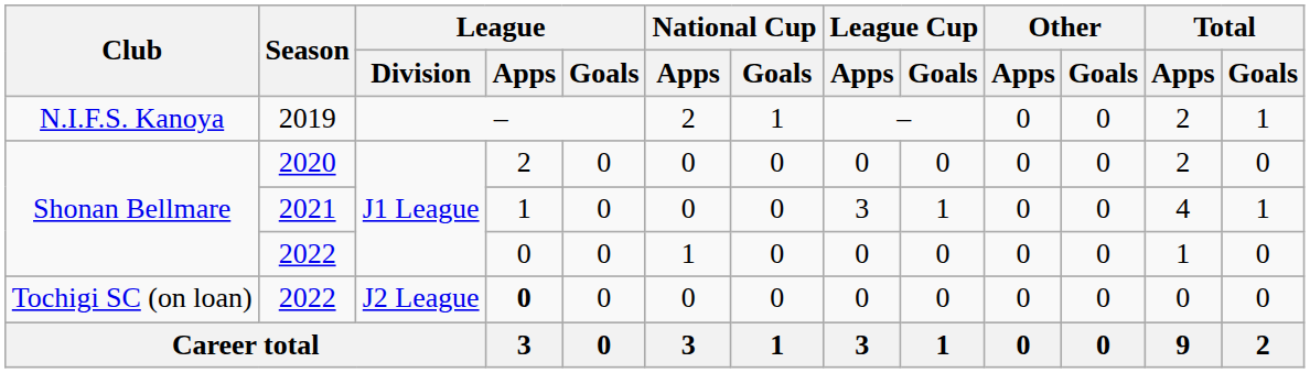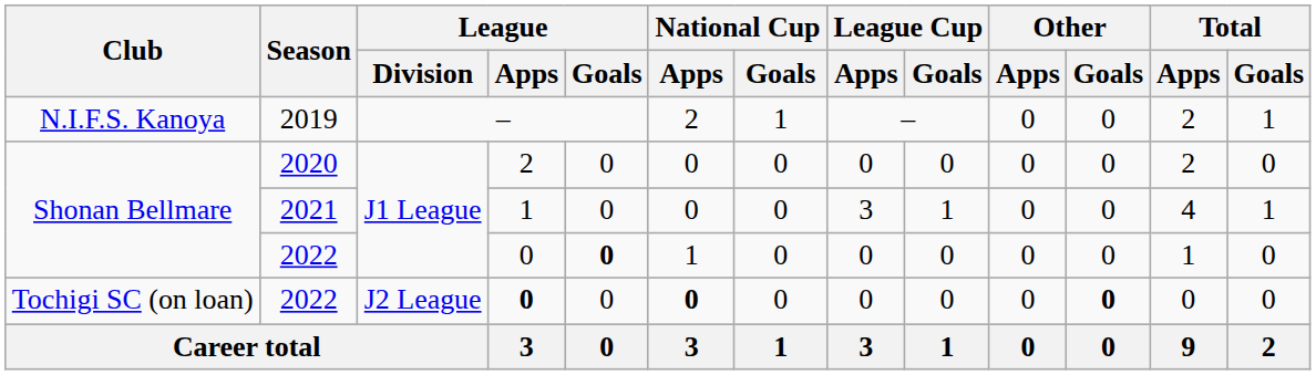 <table class="wikitable" style="text-align: center">
 <tr>
 <th rowspan="2">Club</th>
 <th rowspan="2">Season</th>
 <th colspan="3">League</th>
 <th colspan="2">National Cup</th>
 <th colspan="2">League Cup</th>
 <th colspan="2">Other</th>
 <th colspan="2">Total</th>
 </tr>
 <tr>
 <th>Division</th>
 <th>Apps</th>
 <th>Goals</th>
 <th>Apps</th>
 <th>Goals</th>
 <th>Apps</th>
 <th>Goals</th>
 <th>Apps</th>
 <th>Goals</th>
 <th>Apps</th>
 <th>Goals</th>
 </tr>
 <tr>
 <td><a href='#'>N.I.F.S. Kanoya</a></td>
 <td>2019</td>
 <td colspan="3">–</td>
 <td>2</td>
 <td>1</td>
 <td colspan="2">–</td>
 <td>0</td>
 <td>0</td>
 <td>2</td>
 <td>1</td>
 </tr>
 <tr>
 <td rowspan="3"><a href='#'>Shonan Bellmare</a></td>
 <td><a href='#'>2020</a></td>
 <td rowspan="3"><a href='#'>J1 League</a></td>
 <td>2</td>
 <td>0</td>
 <td>0</td>
 <td>0</td>
 <td>0</td>
 <td>0</td>
 <td>0</td>
 <td>0</td>
 <td>2</td>
 <td>0</td>
 </tr>
 <tr>
 <td><a href='#'>2021</a></td>
 <td>1</td>
 <td>0</td>
 <td>0</td>
 <td>0</td>
 <td>3</td>
 <td>1</td>
 <td>0</td>
 <td>0</td>
 <td>4</td>
 <td>1</td>
 </tr>
 <tr>
 <td><a href='#'>2022</a></td>
 <td>0</td>
-<td>0</td>
+<td><strong>0</strong></td>
 <td>1</td>
 <td>0</td>
 <td>0</td>
 <td>0</td>
 <td>0</td>
 <td>0</td>
 <td>1</td>
 <td>0</td>
 </tr>
 <tr>
 <td><a href='#'>Tochigi SC</a> (on loan)</td>
 <td><a href='#'>2022</a></td>
 <td><a href='#'>J2 League</a></td>
 <td><strong>0</strong></td>
 <td>0</td>
+<td><strong>0</strong></td>
 <td>0</td>
 <td>0</td>
 <td>0</td>
 <td>0</td>
-<td>0</td>
-<td>0</td>
+<td><strong>0</strong></td>
 <td>0</td>
 <td>0</td>
 </tr>
 <tr>
 <th colspan=3>Career total</th>
 <th>3</th>
 <th>0</th>
 <th>3</th>
 <th>1</th>
 <th>3</th>
 <th>1</th>
 <th>0</th>
 <th>0</th>
 <th>9</th>
 <th>2</th>
 </tr>
 </table>
